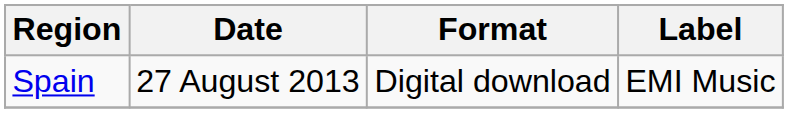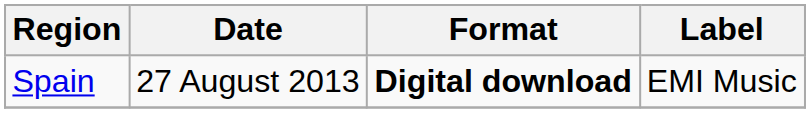 <table class=wikitable>
 <tr>
 <th>Region</th>
 <th>Date</th>
 <th>Format</th>
 <th>Label</th>
 </tr>
 <tr>
 <td><a href='#'>Spain</a></td>
 <td>27 August 2013</td>
-<td>Digital download</td>
+<td><strong>Digital download</strong></td>
 <td>EMI Music</td>
 </tr>
 <tr>
 </tr>
 </table>
